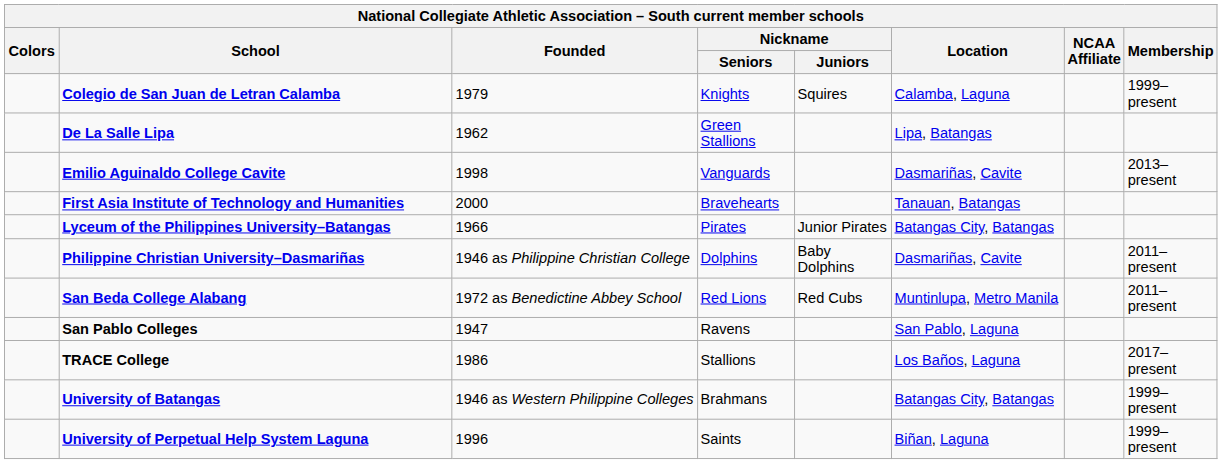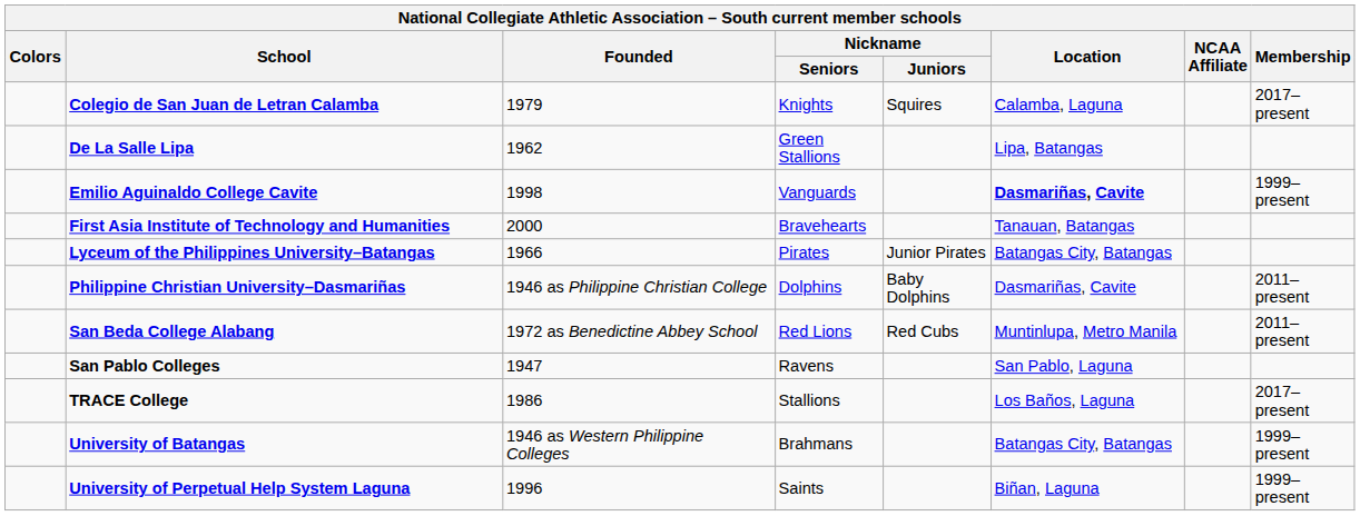 <table class="wikitable" style="width:100%;; text-align:left; font-size:95%">
 <tr>
 <th colspan=14>National Collegiate Athletic Association – South current member schools</th>
 </tr>
 <tr>
 <th rowspan="2"  style="width:50px;">Colors</th>
 <th rowspan="2"  style="width:500px;">School</th>
 <th rowspan="2"  style="width:300px;">Founded</th>
 <th colspan="2"  style="width:200px;">Nickname</th>
 <th rowspan="2"  style="width:200px;">Location</th>
 <th rowspan="2"  style="width:50px;">NCAA Affiliate</th>
 <th rowspan="2"  style="width:50px;">Membership</th>
 </tr>
 <tr>
 <th style="width:8%;">Seniors</th>
 <th style="width:8%;">Juniors</th>
 </tr>
 <tr>
 <td></td>
 <td><strong><a href='#'>Colegio de San Juan de Letran Calamba</a></strong></td>
 <td>1979</td>
 <td><a href='#'>Knights</a></td>
 <td>Squires</td>
 <td><a href='#'>Calamba</a>, <a href='#'>Laguna</a></td>
 <td></td>
-<td>1999–present</td>
+<td>2017–present</td>
 </tr>
 <tr>
 <td></td>
 <td><strong><a href='#'>De La Salle Lipa</a></strong></td>
 <td>1962</td>
 <td><a href='#'>Green Stallions</a></td>
 <td></td>
 <td><a href='#'>Lipa</a>, <a href='#'>Batangas</a></td>
 <td></td>
 <td></td>
 </tr>
 <tr>
 <td></td>
 <td><strong><a href='#'>Emilio Aguinaldo College Cavite</a></strong></td>
 <td>1998</td>
 <td><a href='#'>Vanguards</a></td>
 <td></td>
-<td><a href='#'>Dasmariñas</a>, <a href='#'>Cavite</a></td>
+<td><strong><a href='#'>Dasmariñas</a>, <a href='#'>Cavite</a></strong></td>
 <td></td>
-<td>2013–present</td>
+<td>1999–present</td>
 </tr>
 <tr>
 <td></td>
 <td><strong><a href='#'>First Asia Institute of Technology and Humanities</a></strong></td>
 <td>2000</td>
 <td><a href='#'>Bravehearts</a></td>
 <td></td>
 <td><a href='#'>Tanauan</a>, <a href='#'>Batangas</a></td>
 <td></td>
 <td></td>
 </tr>
 <tr>
 <td></td>
 <td><strong><a href='#'>Lyceum of the Philippines University–Batangas</a></strong></td>
 <td>1966</td>
 <td><a href='#'>Pirates</a></td>
 <td>Junior Pirates</td>
 <td><a href='#'>Batangas City</a>, <a href='#'>Batangas</a></td>
 <td></td>
 <td></td>
 </tr>
 <tr>
 <td></td>
 <td><strong><a href='#'>Philippine Christian University–Dasmariñas</a></strong></td>
 <td>1946 as <em>Philippine Christian College</em></td>
 <td><a href='#'>Dolphins</a></td>
 <td>Baby Dolphins</td>
 <td><a href='#'>Dasmariñas</a>, <a href='#'>Cavite</a></td>
 <td></td>
 <td>2011–present</td>
 </tr>
 <tr>
 <td></td>
 <td><strong><a href='#'>San Beda College Alabang</a></strong></td>
 <td>1972 as <em>Benedictine Abbey School</em></td>
 <td><a href='#'>Red Lions</a></td>
 <td>Red Cubs</td>
 <td><a href='#'>Muntinlupa</a>, <a href='#'>Metro Manila</a></td>
 <td></td>
 <td>2011–present</td>
 </tr>
 <tr>
 <td></td>
 <td><strong>San Pablo Colleges</strong></td>
 <td>1947</td>
 <td>Ravens</td>
 <td></td>
 <td><a href='#'>San Pablo</a>, <a href='#'>Laguna</a></td>
 <td></td>
 <td></td>
 </tr>
 <tr>
 <td></td>
 <td><strong>TRACE College</strong></td>
 <td>1986</td>
 <td>Stallions</td>
 <td></td>
 <td><a href='#'>Los Baños</a>, <a href='#'>Laguna</a></td>
 <td></td>
 <td>2017–present</td>
 </tr>
 <tr>
 <td></td>
 <td><strong><a href='#'>University of Batangas</a></strong></td>
 <td>1946 as <em>Western Philippine Colleges</em></td>
 <td>Brahmans</td>
 <td></td>
 <td><a href='#'>Batangas City</a>, <a href='#'>Batangas</a></td>
 <td></td>
 <td>1999–present</td>
 </tr>
 <tr>
 <td></td>
 <td><strong><a href='#'>University of Perpetual Help System Laguna</a></strong></td>
 <td>1996</td>
 <td>Saints</td>
 <td></td>
 <td><a href='#'>Biñan</a>, <a href='#'>Laguna</a></td>
 <td></td>
 <td>1999–present</td>
 </tr>
 </table>
